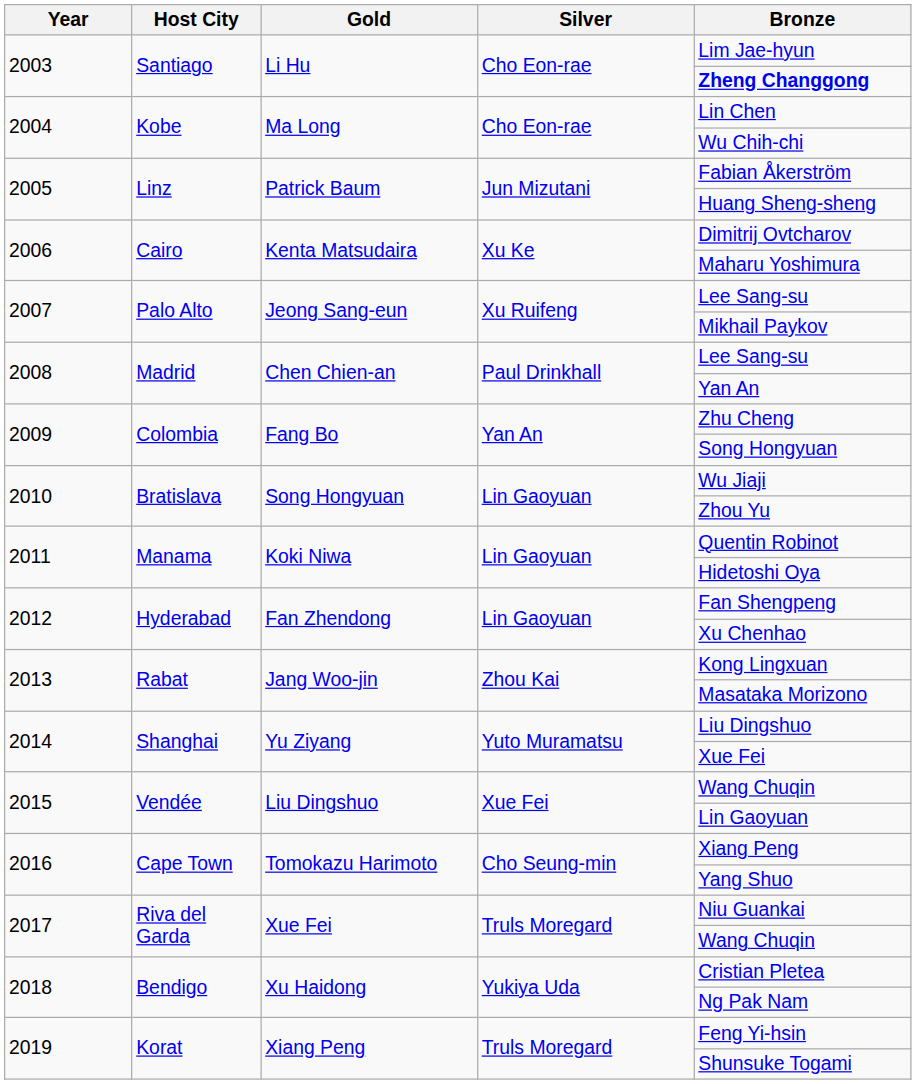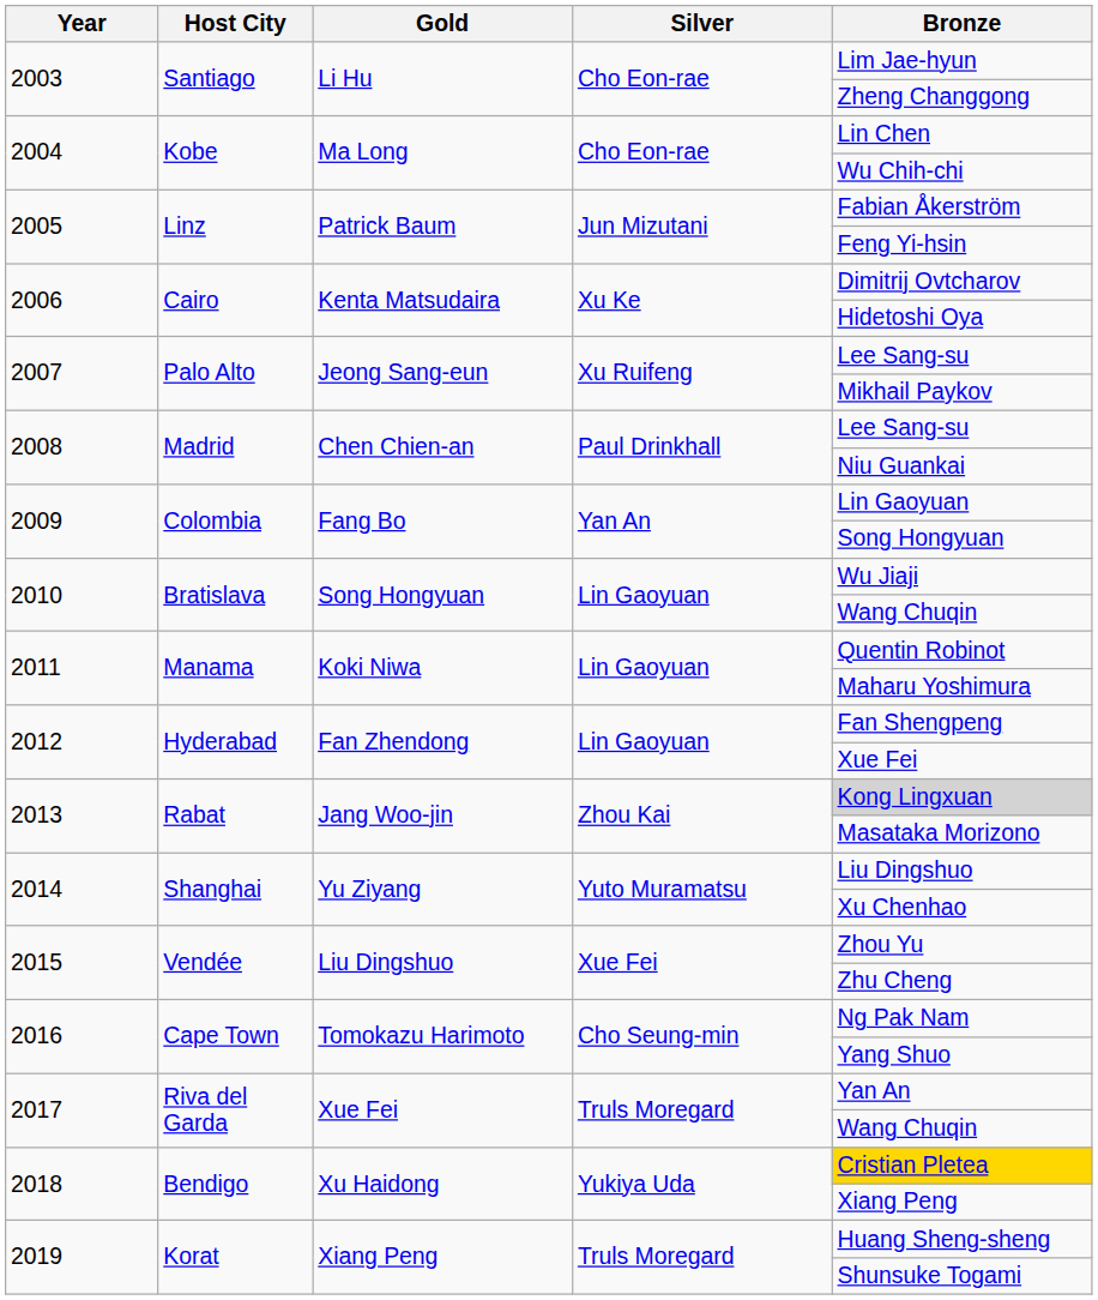 <table class="wikitable" style="text-align: left; width: 750px;">
 <tr>
 <th width="100">Year</th>
 <th width="100">Host City</th>
 <th width="175">Gold</th>
 <th width="175">Silver</th>
 <th width="175">Bronze</th>
 </tr>
 <tr>
 <td rowspan=2>2003</td>
 <td rowspan=2><a href='#'>Santiago</a></td>
 <td rowspan=2> <a href='#'>Li Hu</a></td>
 <td rowspan=2> <a href='#'>Cho Eon-rae</a></td>
 <td> <a href='#'>Lim Jae-hyun</a></td>
 </tr>
 <tr>
-<td><strong> <a href='#'>Zheng Changgong</a></strong></td>
+<td> <a href='#'>Zheng Changgong</a></td>
 </tr>
 <tr>
 <td rowspan=2>2004</td>
 <td rowspan=2><a href='#'>Kobe</a></td>
 <td rowspan=2> <a href='#'>Ma Long</a></td>
 <td rowspan=2> <a href='#'>Cho Eon-rae</a></td>
 <td> <a href='#'>Lin Chen</a></td>
 </tr>
 <tr>
 <td> <a href='#'>Wu Chih-chi</a></td>
 </tr>
 <tr>
 <td rowspan=2>2005</td>
 <td rowspan=2><a href='#'>Linz</a></td>
 <td rowspan=2> <a href='#'>Patrick Baum</a></td>
 <td rowspan=2> <a href='#'>Jun Mizutani</a></td>
 <td> <a href='#'>Fabian Åkerström</a></td>
 </tr>
 <tr>
-<td> <a href='#'>Huang Sheng-sheng</a></td>
+<td> <a href='#'>Feng Yi-hsin</a></td>
 </tr>
 <tr>
 <td rowspan=2>2006</td>
 <td rowspan=2><a href='#'>Cairo</a></td>
 <td rowspan=2> <a href='#'>Kenta Matsudaira</a></td>
 <td rowspan=2> <a href='#'>Xu Ke</a></td>
 <td> <a href='#'>Dimitrij Ovtcharov</a></td>
 </tr>
 <tr>
-<td> <a href='#'>Maharu Yoshimura</a></td>
+<td> <a href='#'>Hidetoshi Oya</a></td>
 </tr>
 <tr>
 <td rowspan=2>2007</td>
 <td rowspan=2><a href='#'>Palo Alto</a></td>
 <td rowspan=2> <a href='#'>Jeong Sang-eun</a></td>
 <td rowspan=2> <a href='#'>Xu Ruifeng</a></td>
 <td> <a href='#'>Lee Sang-su</a></td>
 </tr>
 <tr>
 <td> <a href='#'>Mikhail Paykov</a></td>
 </tr>
 <tr>
 <td rowspan=2>2008</td>
 <td rowspan=2><a href='#'>Madrid</a></td>
 <td rowspan=2> <a href='#'>Chen Chien-an</a></td>
 <td rowspan=2> <a href='#'>Paul Drinkhall</a></td>
 <td> <a href='#'>Lee Sang-su</a></td>
 </tr>
 <tr>
-<td> <a href='#'>Yan An</a></td>
+<td> <a href='#'>Niu Guankai</a></td>
 </tr>
 <tr>
 <td rowspan=2>2009</td>
 <td rowspan=2><a href='#'>Colombia</a></td>
 <td rowspan=2> <a href='#'>Fang Bo</a></td>
 <td rowspan=2> <a href='#'>Yan An</a></td>
-<td> <a href='#'>Zhu Cheng</a></td>
+<td> <a href='#'>Lin Gaoyuan</a></td>
 </tr>
 <tr>
 <td> <a href='#'>Song Hongyuan</a></td>
 </tr>
 <tr>
 <td rowspan=2>2010</td>
 <td rowspan=2><a href='#'>Bratislava</a></td>
 <td rowspan=2> <a href='#'>Song Hongyuan</a></td>
 <td rowspan=2> <a href='#'>Lin Gaoyuan</a></td>
 <td> <a href='#'>Wu Jiaji</a></td>
 </tr>
 <tr>
-<td> <a href='#'>Zhou Yu</a></td>
+<td> <a href='#'>Wang Chuqin</a></td>
 </tr>
 <tr>
 <td rowspan=2>2011</td>
 <td rowspan=2><a href='#'>Manama</a></td>
 <td rowspan=2> <a href='#'>Koki Niwa</a></td>
 <td rowspan=2> <a href='#'>Lin Gaoyuan</a></td>
 <td> <a href='#'>Quentin Robinot</a></td>
 </tr>
 <tr>
-<td> <a href='#'>Hidetoshi Oya</a></td>
+<td> <a href='#'>Maharu Yoshimura</a></td>
 </tr>
 <tr>
 <td rowspan=2>2012</td>
 <td rowspan=2><a href='#'>Hyderabad</a></td>
 <td rowspan=2> <a href='#'>Fan Zhendong</a></td>
 <td rowspan=2> <a href='#'>Lin Gaoyuan</a></td>
 <td> <a href='#'>Fan Shengpeng</a></td>
 </tr>
 <tr>
-<td> <a href='#'>Xu Chenhao</a></td>
+<td> <a href='#'>Xue Fei</a></td>
 </tr>
 <tr>
 <td rowspan=2>2013</td>
 <td rowspan=2><a href='#'>Rabat</a></td>
 <td rowspan=2> <a href='#'>Jang Woo-jin</a></td>
 <td rowspan=2> <a href='#'>Zhou Kai</a></td>
-<td> <a href='#'>Kong Lingxuan</a></td>
+<td style="background: lightgrey;"> <a href='#'>Kong Lingxuan</a></td>
 </tr>
 <tr>
 <td> <a href='#'>Masataka Morizono</a></td>
 </tr>
 <tr>
 <td rowspan=2>2014</td>
 <td rowspan=2><a href='#'>Shanghai</a></td>
 <td rowspan=2> <a href='#'>Yu Ziyang</a></td>
 <td rowspan=2> <a href='#'>Yuto Muramatsu</a></td>
 <td> <a href='#'>Liu Dingshuo</a></td>
 </tr>
 <tr>
-<td> <a href='#'>Xue Fei</a></td>
+<td> <a href='#'>Xu Chenhao</a></td>
 </tr>
 <tr>
 <td rowspan=2>2015</td>
 <td rowspan=2><a href='#'>Vendée</a></td>
 <td rowspan=2> <a href='#'>Liu Dingshuo</a></td>
 <td rowspan=2> <a href='#'>Xue Fei</a></td>
-<td> <a href='#'>Wang Chuqin</a></td>
+<td> <a href='#'>Zhou Yu</a></td>
 </tr>
 <tr>
-<td> <a href='#'>Lin Gaoyuan</a></td>
+<td> <a href='#'>Zhu Cheng</a></td>
 </tr>
 <tr>
 <td rowspan=2>2016</td>
 <td rowspan=2><a href='#'>Cape Town</a></td>
 <td rowspan=2> <a href='#'>Tomokazu Harimoto</a></td>
 <td rowspan=2> <a href='#'>Cho Seung-min</a></td>
-<td> <a href='#'>Xiang Peng</a></td>
+<td> <a href='#'>Ng Pak Nam</a></td>
 </tr>
 <tr>
 <td> <a href='#'>Yang Shuo</a></td>
 </tr>
 <tr>
 <td rowspan=2>2017</td>
 <td rowspan=2><a href='#'>Riva del Garda</a></td>
 <td rowspan=2> <a href='#'>Xue Fei</a></td>
 <td rowspan=2> <a href='#'>Truls Moregard</a></td>
-<td> <a href='#'>Niu Guankai</a></td>
+<td> <a href='#'>Yan An</a></td>
 </tr>
 <tr>
 <td> <a href='#'>Wang Chuqin</a></td>
 </tr>
 <tr>
 <td rowspan=2>2018</td>
 <td rowspan=2><a href='#'>Bendigo</a></td>
 <td rowspan=2> <a href='#'>Xu Haidong</a></td>
 <td rowspan=2> <a href='#'>Yukiya Uda</a></td>
-<td> <a href='#'>Cristian Pletea</a></td>
+<td style="background: gold;"> <a href='#'>Cristian Pletea</a></td>
 </tr>
 <tr>
-<td> <a href='#'>Ng Pak Nam</a></td>
+<td> <a href='#'>Xiang Peng</a></td>
 </tr>
 <tr>
 <td rowspan=2>2019</td>
 <td rowspan=2><a href='#'>Korat</a></td>
 <td rowspan=2> <a href='#'>Xiang Peng</a></td>
 <td rowspan=2> <a href='#'>Truls Moregard</a></td>
-<td> <a href='#'>Feng Yi-hsin</a></td>
+<td> <a href='#'>Huang Sheng-sheng</a></td>
 </tr>
 <tr>
 <td> <a href='#'>Shunsuke Togami</a></td>
 </tr>
 </table>
